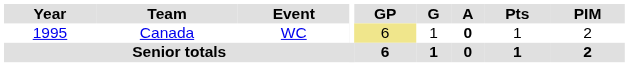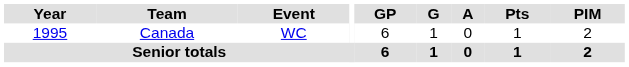 <table border="0" cellpadding="1" cellspacing="0" ID="Table3" style="text-align:center; width:40em">
 <tr bgcolor="#e0e0e0">
 <th>Year</th>
 <th>Team</th>
 <th>Event</th>
 <th rowspan="102" bgcolor="#ffffff"></th>
 <th>GP</th>
 <th>G</th>
 <th>A</th>
 <th>Pts</th>
 <th>PIM</th>
 </tr>
 <tr>
 <td><a href='#'>1995</a></td>
 <td><a href='#'>Canada</a></td>
 <td><a href='#'>WC</a></td>
-<td style="background: khaki;">6</td>
+<td>6</td>
 <td>1</td>
-<td><strong>0</strong></td>
+<td>0</td>
 <td>1</td>
 <td>2</td>
 </tr>
 <tr bgcolor="#e0e0e0">
 <th colspan="4">Senior totals</th>
 <th>6</th>
 <th>1</th>
 <th>0</th>
 <th>1</th>
 <th>2</th>
 </tr>
 </table>
